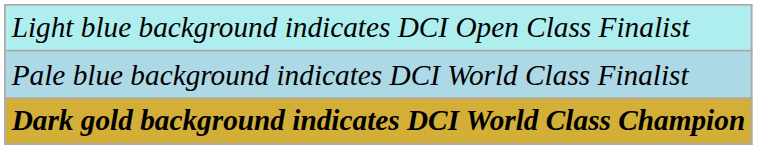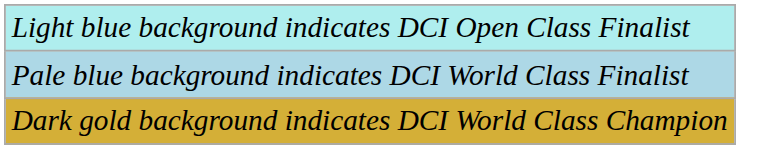 <table class="wikitable" style="font-size:100%;">
 <tr>
 <td style="background-color:#AFEEEE"><em>Light blue background indicates DCI Open Class Finalist</em></td>
 </tr>
 <tr>
 <td style="background-color:#add8e6"><em>Pale blue background indicates DCI World Class Finalist</em></td>
 </tr>
 <tr>
-<td style="background-color:#d4af37"><strong><em>Dark gold background indicates DCI World Class Champion</em></strong></td>
+<td style="background-color:#d4af37"><em>Dark gold background indicates DCI World Class Champion</em></td>
 </tr>
 </table>
